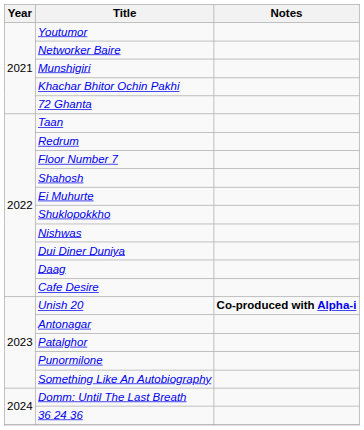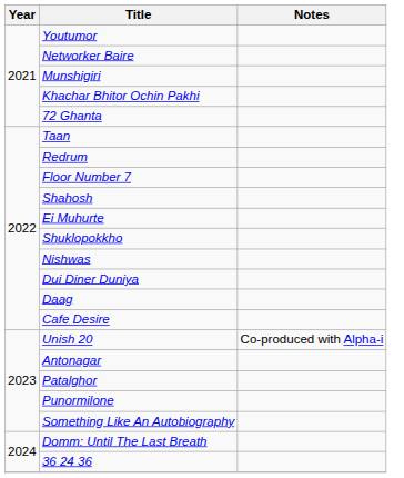 <table class="wikitable sortable">
 <tr>
 <th>Year</th>
 <th>Title</th>
 <th>Notes</th>
 </tr>
 <tr>
 <td rowspan="5">2021</td>
 <td><em><a href='#'>Youtumor</a></em></td>
 <td></td>
 </tr>
 <tr>
 <td><em><a href='#'>Networker Baire</a></em></td>
 <td></td>
 </tr>
 <tr>
 <td><em><a href='#'>Munshigiri</a></em></td>
 <td></td>
 </tr>
 <tr>
 <td><em><a href='#'>Khachar Bhitor Ochin Pakhi</a></em></td>
 <td></td>
 </tr>
 <tr>
 <td><em><a href='#'>72 Ghanta</a></em></td>
 <td></td>
 </tr>
 <tr>
 <td rowspan="10">2022</td>
 <td><em><a href='#'>Taan</a></em></td>
 <td></td>
 </tr>
 <tr>
 <td><em><a href='#'>Redrum</a></em></td>
 <td></td>
 </tr>
 <tr>
 <td><em><a href='#'>Floor Number 7</a></em></td>
 <td></td>
 </tr>
 <tr>
 <td><em><a href='#'>Shahosh</a></em></td>
 <td></td>
 </tr>
 <tr>
 <td><em><a href='#'>Ei Muhurte</a></em></td>
 <td></td>
 </tr>
 <tr>
 <td><em><a href='#'>Shuklopokkho</a></em></td>
 <td></td>
 </tr>
 <tr>
 <td><em><a href='#'>Nishwas</a></em></td>
 <td></td>
 </tr>
 <tr>
 <td><em><a href='#'>Dui Diner Duniya</a></em></td>
 <td></td>
 </tr>
 <tr>
 <td><em><a href='#'>Daag</a></em></td>
 <td></td>
 </tr>
 <tr>
 <td><em><a href='#'>Cafe Desire</a></em></td>
 <td></td>
 </tr>
 <tr>
 <td rowspan="5">2023</td>
 <td><a href='#'><em>Unish 20</em></a></td>
-<td><strong>Co-produced with <a href='#'>Alpha-i</a></strong></td>
+<td>Co-produced with <a href='#'>Alpha-i</a></td>
 </tr>
 <tr>
 <td><em><a href='#'>Antonagar</a></em></td>
 <td></td>
 </tr>
 <tr>
 <td><em><a href='#'>Patalghor</a></em></td>
 <td></td>
 </tr>
 <tr>
 <td><em><a href='#'>Punormilone</a></em></td>
 <td></td>
 </tr>
 <tr>
 <td><em><a href='#'>Something Like An Autobiography</a></em></td>
 <td></td>
 </tr>
 <tr>
 <td rowspan="2">2024</td>
 <td><em><a href='#'>Domm: Until The Last Breath</a></em></td>
 <td></td>
 </tr>
 <tr>
 <td><em><a href='#'>36 24 36</a></em></td>
 <td></td>
 </tr>
 <tr>
 </tr>
 </table>
